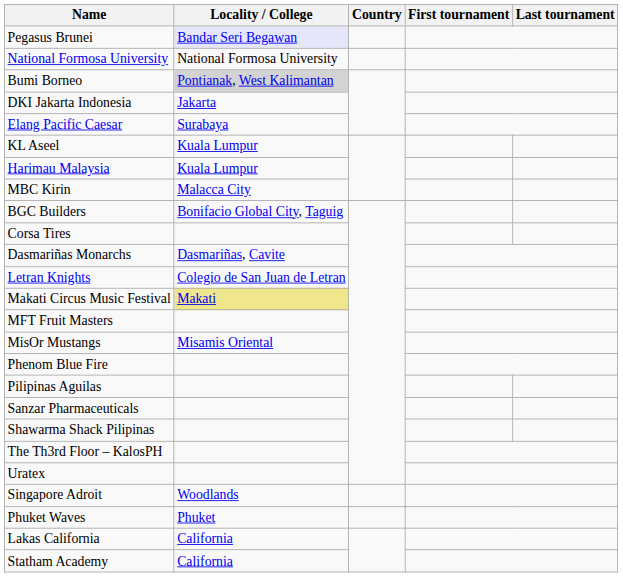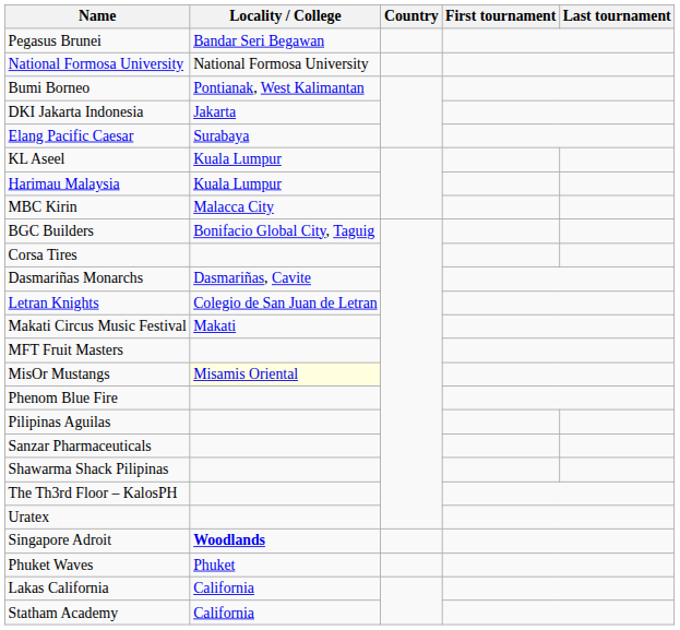 <table class="wikitable sortable">
 <tr>
 <th>Name</th>
 <th>Locality / College</th>
 <th>Country</th>
 <th>First tournament</th>
 <th>Last tournament</th>
 </tr>
 <tr>
 <td>Pegasus Brunei</td>
-<td style="background: lavender;"><a href='#'>Bandar Seri Begawan</a></td>
+<td><a href='#'>Bandar Seri Begawan</a></td>
 <td></td>
 <td colspan=2 align=center></td>
 </tr>
 <tr>
 <td><a href='#'>National Formosa University</a></td>
 <td>National Formosa University</td>
 <td></td>
 <td colspan=2 align=center></td>
 </tr>
 <tr>
 <td>Bumi Borneo</td>
-<td style="background: lightgrey;"><a href='#'>Pontianak</a>, <a href='#'>West Kalimantan</a></td>
+<td><a href='#'>Pontianak</a>, <a href='#'>West Kalimantan</a></td>
 <td rowspan=3></td>
 <td colspan=2 align=center></td>
 </tr>
 <tr>
 <td>DKI Jakarta Indonesia</td>
 <td><a href='#'>Jakarta</a></td>
 <td colspan=2 align=center></td>
 </tr>
 <tr>
 <td><a href='#'>Elang Pacific Caesar</a></td>
 <td><a href='#'>Surabaya</a></td>
 <td colspan=2 align=center></td>
 </tr>
 <tr>
 <td>KL Aseel</td>
 <td><a href='#'>Kuala Lumpur</a></td>
 <td rowspan=3></td>
 <td align=center></td>
 <td align=center></td>
 </tr>
 <tr>
 <td><a href='#'>Harimau Malaysia</a></td>
 <td><a href='#'>Kuala Lumpur</a></td>
 <td align=center></td>
 <td align=center></td>
 </tr>
 <tr>
 <td>MBC Kirin</td>
 <td><a href='#'>Malacca City</a></td>
 <td align=center></td>
 <td align=center></td>
 </tr>
 <tr>
 <td>BGC Builders</td>
 <td><a href='#'>Bonifacio Global City</a>, <a href='#'>Taguig</a></td>
 <td rowspan=13></td>
 <td align=center></td>
 <td align=center></td>
 </tr>
 <tr>
 <td>Corsa Tires</td>
 <td></td>
 <td align=center></td>
 <td align=center></td>
 </tr>
 <tr>
 <td>Dasmariñas Monarchs</td>
 <td><a href='#'>Dasmariñas</a>, <a href='#'>Cavite</a></td>
 <td colspan=2 align=center></td>
 </tr>
 <tr>
 <td><a href='#'>Letran Knights</a></td>
 <td><a href='#'>Colegio de San Juan de Letran</a></td>
 <td colspan=2 align=center></td>
 </tr>
 <tr>
 <td>Makati Circus Music Festival</td>
-<td style="background: khaki;"><a href='#'>Makati</a></td>
+<td><a href='#'>Makati</a></td>
 <td colspan=2 align=center></td>
 </tr>
 <tr>
 <td>MFT Fruit Masters</td>
 <td></td>
 <td colspan=2 align=center></td>
 </tr>
 <tr>
 <td>MisOr Mustangs</td>
-<td><a href='#'>Misamis Oriental</a></td>
+<td style="background: lightyellow;"><a href='#'>Misamis Oriental</a></td>
 <td colspan=2 align=center></td>
 </tr>
 <tr>
 <td>Phenom Blue Fire</td>
 <td></td>
 <td colspan=2 align=center></td>
 </tr>
 <tr>
 <td>Pilipinas Aguilas</td>
 <td></td>
 <td align=center></td>
 <td align=center></td>
 </tr>
 <tr>
 <td>Sanzar Pharmaceuticals</td>
 <td></td>
 <td align=center></td>
 <td align=center></td>
 </tr>
 <tr>
 <td>Shawarma Shack Pilipinas</td>
 <td></td>
 <td align=center></td>
 <td align=center></td>
 </tr>
 <tr>
 <td>The Th3rd Floor – KalosPH</td>
 <td></td>
 <td colspan=2 align=center></td>
 </tr>
 <tr>
 <td>Uratex</td>
 <td></td>
 <td colspan=2 align=center></td>
 </tr>
 <tr>
 <td>Singapore Adroit</td>
-<td><a href='#'>Woodlands</a></td>
+<td><strong><a href='#'>Woodlands</a></strong></td>
 <td></td>
 <td colspan=2 align=center></td>
 </tr>
 <tr>
 <td>Phuket Waves</td>
 <td><a href='#'>Phuket</a></td>
 <td></td>
 <td colspan=2 align=center></td>
 </tr>
 <tr>
 <td>Lakas California</td>
 <td><a href='#'>California</a></td>
 <td rowspan=2></td>
 <td colspan=2 align=center></td>
 </tr>
 <tr>
 <td>Statham Academy</td>
 <td><a href='#'>California</a></td>
 <td colspan=2 align=center></td>
 </tr>
 </table>
